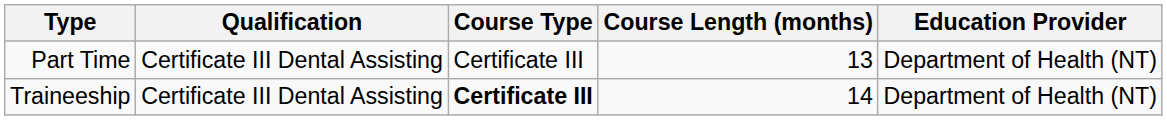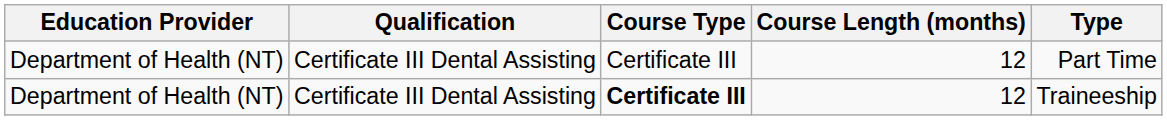 <table class="wikitable sortable mw-collapsible plainrowheaders" style="text-align: right; text-align: right">
 <tr>
-<th>Type</th>
+<th scope="col" data-sort-type="number">Education Provider</th>
 <th scope="col">Qualification</th>
 <th scope="col">Course Type</th>
 <th scope="col">Course Length (months)</th>
-<th scope="col" data-sort-type="number">Education Provider</th>
+<th>Type</th>
 </tr>
 <tr>
-<td>Part Time</td>
+<td align="left">Department of Health (NT)</td>
 <td align="left">Certificate III Dental Assisting</td>
 <td align="left">Certificate III</td>
-<td align="centre">13</td>
-<td align="left">Department of Health (NT)</td>
+<td align="centre">12</td>
+<td>Part Time</td>
 </tr>
 <tr>
-<td>Traineeship</td>
+<td align="left">Department of Health (NT)</td>
 <td align="left">Certificate III Dental Assisting</td>
 <td align="left"><strong>Certificate III</strong></td>
-<td align="centre">14</td>
-<td align="left">Department of Health (NT)</td>
+<td align="centre">12</td>
+<td>Traineeship</td>
 </tr>
 </table>
